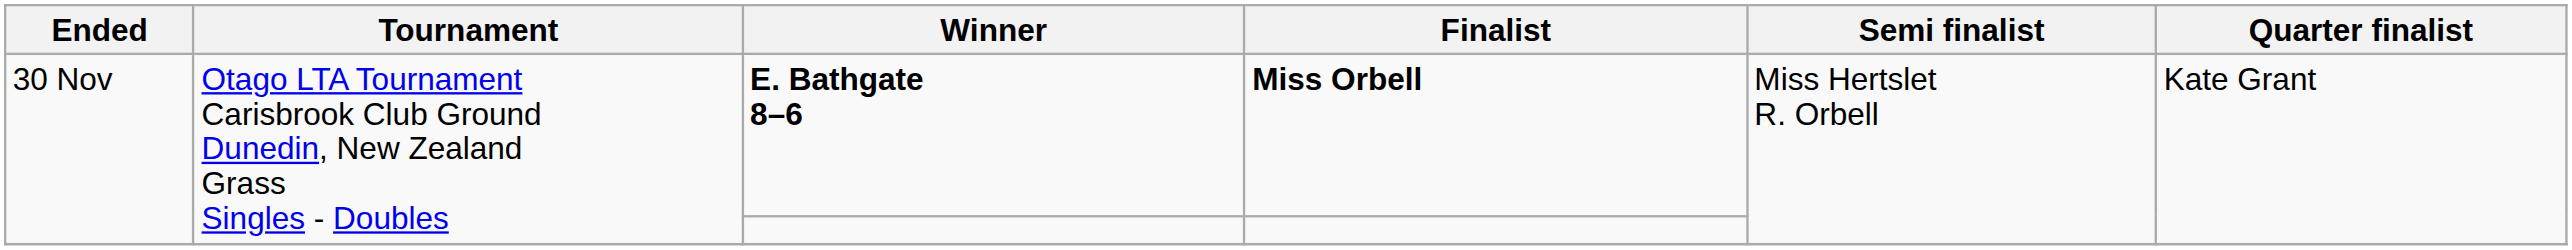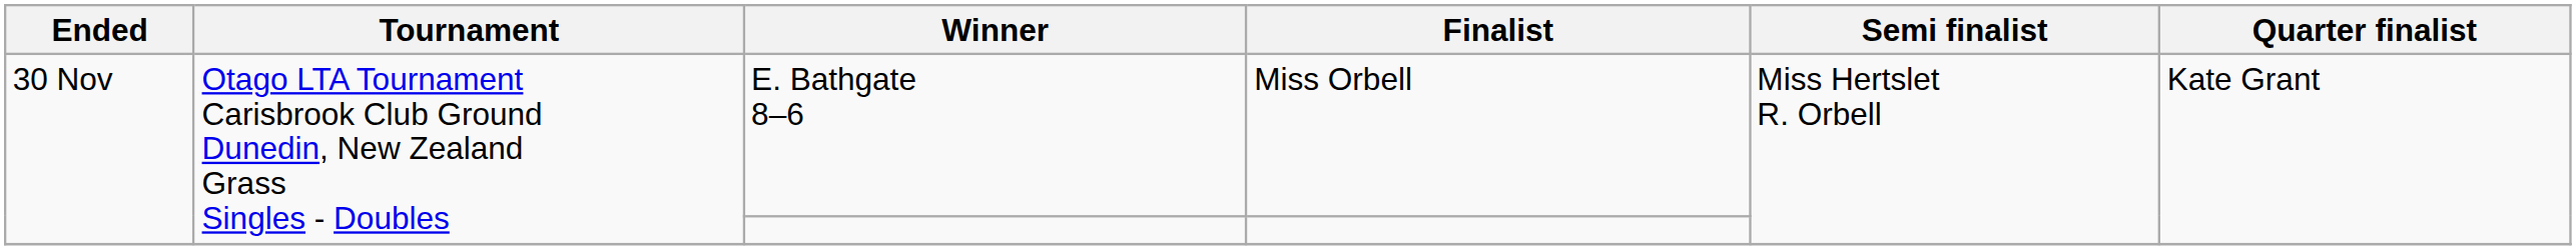 <table class="wikitable" style="font-size:85%;">
 <tr>
 <th width="75">Ended</th>
 <th width="230">Tournament</th>
 <th width="210">Winner</th>
 <th width="210">Finalist</th>
 <th width="170">Semi finalist</th>
 <th width="170">Quarter finalist</th>
 </tr>
 <tr valign=top>
 <td rowspan=2>30 Nov</td>
 <td rowspan=2><a href='#'>Otago LTA Tournament</a><br>Carisbrook Club Ground<br><a href='#'>Dunedin</a>, New Zealand<br>Grass<br><a href='#'>Singles</a> - <a href='#'>Doubles</a></td>
-<td><strong> E. Bathgate<br>8–6</strong></td>
-<td><strong> Miss Orbell</strong></td>
+<td> E. Bathgate<br>8–6</td>
+<td> Miss Orbell</td>
 <td rowspan=2> Miss  Hertslet<br> R. Orbell</td>
 <td rowspan=2>  Kate Grant</td>
 </tr>
 <tr valign=top>
 <td></td>
 <td></td>
 </tr>
 <tr valign=top>
 </tr>
 </table>
